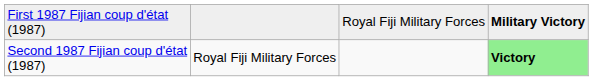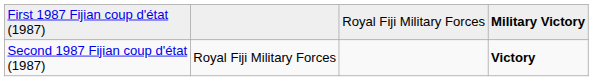 <table class="wikitable">
 <tr>
 <td style="background:#efefef"><a href='#'>First 1987 Fijian coup d'état</a><br>(1987)</td>
 <td style="background:#efefef"></td>
 <td style="background:#efefef">Royal Fiji Military Forces</td>
 <td style="background:#efefef"><strong>Military Victory</strong></td>
 </tr>
 <tr>
 <td><a href='#'>Second 1987 Fijian coup d'état</a><br>(1987)</td>
 <td>Royal Fiji Military Forces</td>
 <td></td>
-<td style="background: lightgreen;"><strong>Victory</strong></td>
+<td><strong>Victory</strong></td>
 </tr>
 </table>
